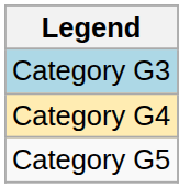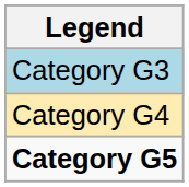 <table class="wikitable" style="font-size:85%;">
 <tr>
 <th>Legend</th>
 </tr>
 <tr bgcolor="lightblue">
 <td>Category G3</td>
 </tr>
 <tr bgcolor=#ffecb2>
 <td>Category G4</td>
 </tr>
 <tr>
-<td>Category G5</td>
+<td><strong>Category G5</strong></td>
 </tr>
 </table>
